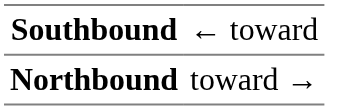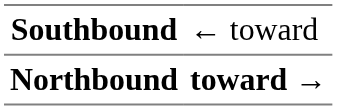 <table border="1" cellspacing="0" cellpadding="3" frame="hsides" rules="rows">
 <tr>
 <th><span>Southbound</span></th>
 <td>←   toward </td>
 </tr>
 <tr>
 <th><span>Northbound</span></th>
-<td>  toward  →</td>
+<td><strong>  toward  →</strong></td>
 </tr>
 </table>
